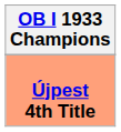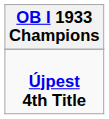 <table class="wikitable" style="text-align: center; margin: 0 auto;">
 <tr>
 <th><a href='#'>OB I</a> 1933<br>Champions</th>
 </tr>
 <tr>
 </tr>
 <tr>
-<td style="background: lightsalmon;"> <br><strong><a href='#'>Újpest</a></strong><br><strong>4th Title</strong></td>
+<td> <br><strong><a href='#'>Újpest</a></strong><br><strong>4th Title</strong></td>
 </tr>
 </table>
